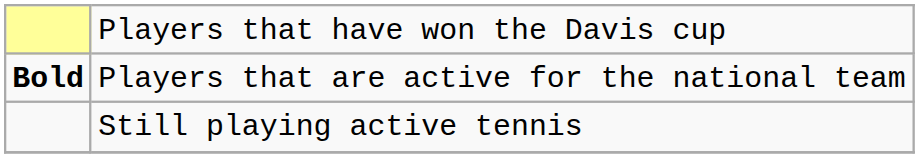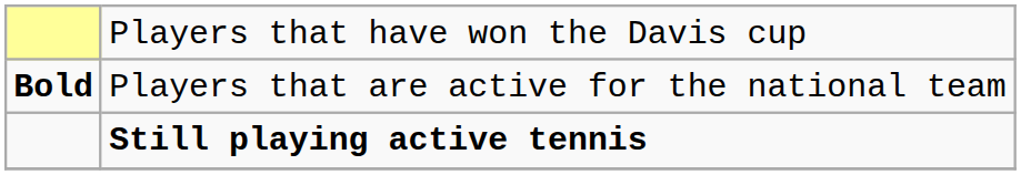 <table class="wikitable">
 <tr>
 <td style="background-color:#FFFF99"></td>
 <td>Players that have won the Davis cup</td>
 </tr>
 <tr>
 <td><strong>Bold</strong></td>
 <td>Players that are active for the national team</td>
 </tr>
 <tr>
 <td></td>
-<td>Still playing active tennis</td>
+<td><strong>Still playing active tennis</strong></td>
 </tr>
 <tr>
 </tr>
 </table>
